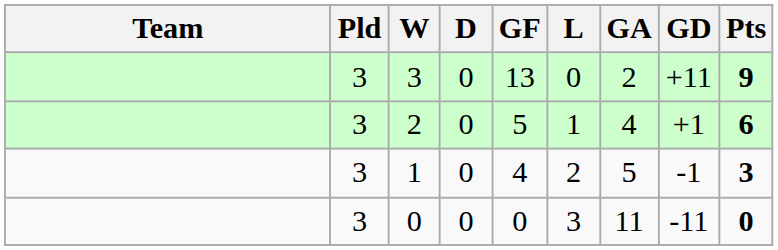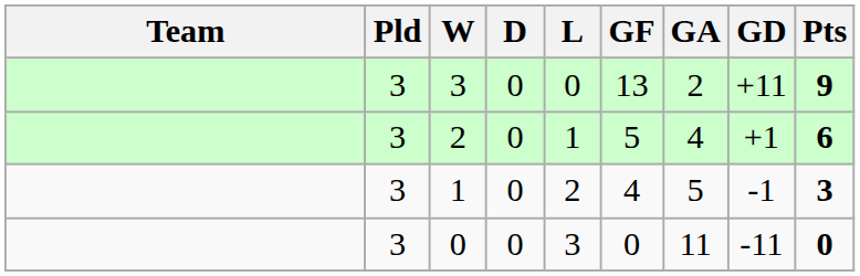 <table class="wikitable" style="text-align: center;">
 <tr>
 <th width=165>Team</th>
 <th width=20>Pld</th>
 <th width=20>W</th>
 <th width=20>D</th>
+<th width=20>L</th>
 <th width=20>GF</th>
-<th width=20>L</th>
 <th width=20>GA</th>
 <th width=20>GD</th>
 <th width=20>Pts</th>
 </tr>
 <tr bgcolor=ccffcc>
 <td align="left"></td>
 <td>3</td>
 <td>3</td>
 <td>0</td>
+<td>0</td>
 <td>13</td>
-<td>0</td>
 <td>2</td>
 <td>+11</td>
 <td><strong>9</strong></td>
 </tr>
 <tr bgcolor=ccffcc>
 <td align="left"></td>
 <td>3</td>
 <td>2</td>
 <td>0</td>
+<td>1</td>
 <td>5</td>
-<td>1</td>
 <td>4</td>
 <td>+1</td>
 <td><strong>6</strong></td>
 </tr>
 <tr>
 <td align="left"></td>
 <td>3</td>
 <td>1</td>
 <td>0</td>
+<td>2</td>
 <td>4</td>
-<td>2</td>
 <td>5</td>
 <td>-1</td>
 <td><strong>3</strong></td>
 </tr>
 <tr>
 <td align="left"></td>
 <td>3</td>
 <td>0</td>
 <td>0</td>
+<td>3</td>
 <td>0</td>
-<td>3</td>
 <td>11</td>
 <td>-11</td>
 <td><strong>0</strong></td>
 </tr>
 </table>
